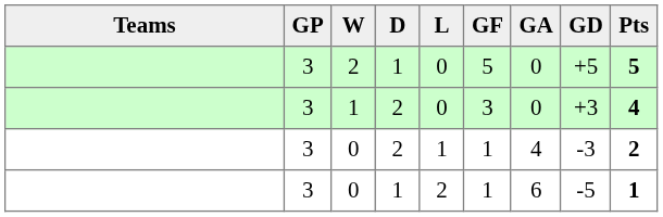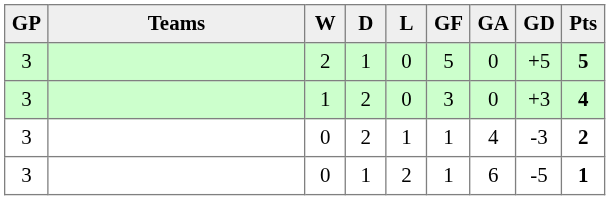 <table style=border-collapse:collapse border=1 cellspacing=0 cellpadding=5>
 <tr align=center bgcolor=#efefef>
+<th width=20>GP</th>
 <th width=185>Teams</th>
-<th width=20>GP</th>
 <th width=20>W</th>
 <th width=20>D</th>
 <th width=20>L</th>
 <th width=20>GF</th>
 <th width=20>GA</th>
 <th width=20>GD</th>
 <th width=20>Pts</th>
 </tr>
 <tr align=center style="background:#ccffcc;">
+<td>3</td>
 <td style="text-align:left;"></td>
-<td>3</td>
 <td>2</td>
 <td>1</td>
 <td>0</td>
 <td>5</td>
 <td>0</td>
 <td>+5</td>
 <td><strong>5</strong></td>
 </tr>
 <tr align=center style="background:#ccffcc;">
+<td>3</td>
 <td style="text-align:left;"></td>
-<td>3</td>
 <td>1</td>
 <td>2</td>
 <td>0</td>
 <td>3</td>
 <td>0</td>
 <td>+3</td>
 <td><strong>4</strong></td>
 </tr>
 <tr align=center>
+<td>3</td>
 <td style="text-align:left;"></td>
-<td>3</td>
 <td>0</td>
 <td>2</td>
 <td>1</td>
 <td>1</td>
 <td>4</td>
 <td>-3</td>
 <td><strong>2</strong></td>
 </tr>
 <tr align=center>
+<td>3</td>
 <td style="text-align:left;"></td>
-<td>3</td>
 <td>0</td>
 <td>1</td>
 <td>2</td>
 <td>1</td>
 <td>6</td>
 <td>-5</td>
 <td><strong>1</strong></td>
 </tr>
 </table>
